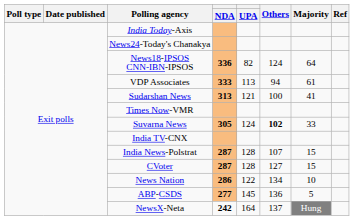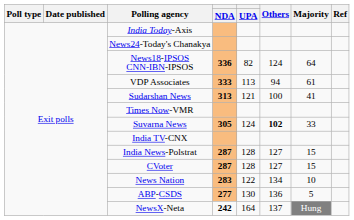 <table class="wikitable sortable" style="text-align:center;font-size:95%;line-height:16px">
 <tr>
 <th rowspan="2">Poll type</th>
 <th rowspan="2">Date published</th>
 <th rowspan="2">Polling agency</th>
 <th style="background:"></th>
 <th style="background:"></th>
 <th rowspan="2" class="unsortable"><a href='#'>Others</a></th>
 <th rowspan="2">Majority</th>
 <th rowspan="2">Ref</th>
 </tr>
 <tr>
 <th class="unsortable"><a href='#'>NDA</a></th>
 <th class="unsortable"><a href='#'>UPA</a></th>
 </tr>
 <tr>
 <td colspan="2" rowspan="13"><a href='#'>Exit polls</a></td>
 <td><em><a href='#'>India Today</a></em>-Axis</td>
 <td style="background:#F9BC7F"><strong></strong></td>
 <td></td>
 <td></td>
 <td style="background:"></td>
 <td></td>
 </tr>
 <tr>
 <td><a href='#'>News24</a>-Today's Chanakya</td>
 <td style="background:#F9BC7F"><strong></strong></td>
 <td></td>
 <td></td>
 <td style="background:"></td>
 <td></td>
 </tr>
 <tr>
 <td><a href='#'>News18</a>-<a href='#'>IPSOS</a><br><a href='#'>CNN-IBN</a>-IPSOS</td>
 <td style="background:#F9BC7F"><strong>336</strong></td>
 <td>82</td>
 <td>124</td>
 <td style="background:">64</td>
 <td></td>
 </tr>
 <tr>
 <td>VDP Associates</td>
 <td style="background:#F9BC7F"><strong>333</strong></td>
 <td>113</td>
 <td>94</td>
 <td style="background:">61</td>
 <td></td>
 </tr>
 <tr>
 <td><a href='#'>Sudarshan News</a></td>
 <td style="background:#F9BC7F"><strong>313</strong></td>
 <td>121</td>
 <td>100</td>
 <td style="background:">41</td>
 <td></td>
 </tr>
 <tr>
 <td><a href='#'>Times Now</a>-VMR</td>
 <td style="background:#F9BC7F"><strong></strong></td>
 <td></td>
 <td></td>
 <td style="background:"></td>
 <td></td>
 </tr>
 <tr>
 <td><a href='#'>Suvarna News</a></td>
 <td style="background:#F9BC7F"><strong>305</strong></td>
 <td>124</td>
 <td><strong>102</strong></td>
 <td style="background:">33</td>
 <td></td>
 </tr>
 <tr>
 <td><a href='#'>India TV</a>-CNX</td>
 <td style="background:#F9BC7F"><strong></strong></td>
 <td></td>
 <td></td>
 <td style="background:"></td>
 <td></td>
 </tr>
 <tr>
 <td><a href='#'>India News</a>-Polstrat</td>
 <td style="background:#F9BC7F"><strong>287</strong></td>
 <td>128</td>
-<td>107</td>
+<td>127</td>
 <td style="background:">15</td>
 <td></td>
 </tr>
 <tr>
 <td><a href='#'>CVoter</a></td>
 <td style="background:#F9BC7F"><strong>287</strong></td>
 <td>128</td>
 <td>127</td>
 <td style="background:">15</td>
 <td></td>
 </tr>
 <tr>
 <td><a href='#'>News Nation</a></td>
-<td style="background:#F9BC7F"><strong>286</strong></td>
+<td style="background:#F9BC7F"><strong>283</strong></td>
 <td>122</td>
 <td>134</td>
 <td style="background:">10</td>
 <td></td>
 </tr>
 <tr>
 <td><a href='#'>ABP</a>-<a href='#'>CSDS</a></td>
 <td style="background:#F9BC7F"><strong>277</strong></td>
-<td>145</td>
+<td>130</td>
 <td>136</td>
 <td style="background:">5</td>
 <td></td>
 </tr>
 <tr>
 <td><a href='#'>NewsX</a>-Neta</td>
 <td><strong>242</strong></td>
 <td>164</td>
 <td>137</td>
 <td style="background:gray; color:white;">Hung</td>
 <td></td>
 </tr>
 </table>
